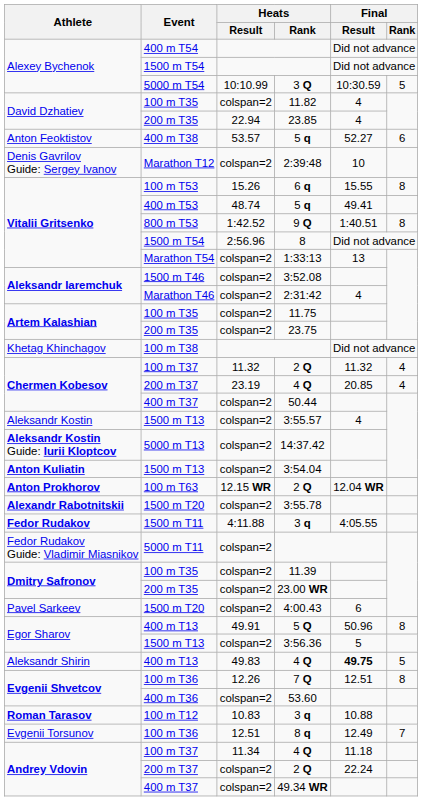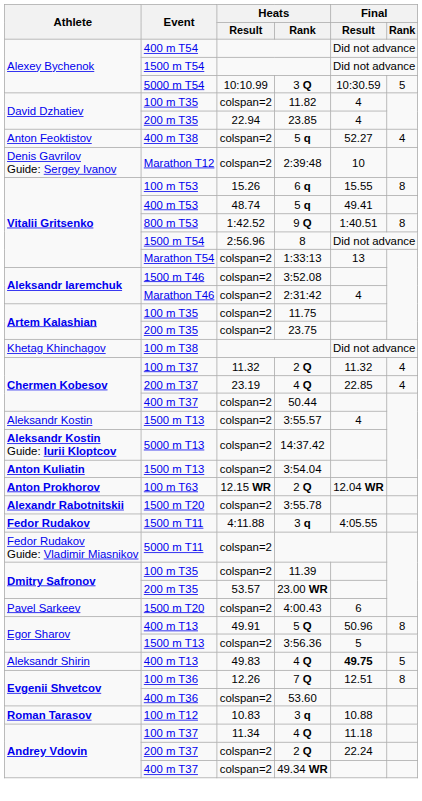 <table class=wikitable style=font-size:90%;text-align:center>
 <tr>
 <th rowspan=2>Athlete</th>
 <th rowspan=2>Event</th>
 <th colspan=2>Heats</th>
 <th colspan=2>Final</th>
 </tr>
 <tr style=font-size:95%>
 <th>Result</th>
 <th>Rank</th>
 <th>Result</th>
 <th>Rank</th>
 </tr>
 <tr>
 <td rowspan=3 align=left><a href='#'>Alexey Bychenok</a></td>
 <td align=left><a href='#'>400 m T54</a></td>
 <td colspan=2></td>
 <td colspan=2>Did not advance</td>
 </tr>
 <tr>
 <td align=left><a href='#'>1500 m T54</a></td>
 <td colspan=2></td>
 <td colspan=2>Did not advance</td>
 </tr>
 <tr>
 <td align=left><a href='#'>5000 m T54</a></td>
 <td>10:10.99</td>
 <td>3 <strong>Q</strong></td>
 <td>10:30.59</td>
 <td>5</td>
 </tr>
 <tr>
 <td rowspan=2 align=left><a href='#'>David Dzhatiev</a></td>
 <td align=left><a href='#'>100 m T35</a></td>
 <td>colspan=2 </td>
 <td>11.82</td>
 <td>4</td>
 </tr>
 <tr>
 <td align=left><a href='#'>200 m T35</a></td>
 <td>22.94</td>
 <td>23.85</td>
 <td>4</td>
 </tr>
 <tr>
 <td align=left><a href='#'>Anton Feoktistov</a></td>
 <td align=left><a href='#'>400 m T38</a></td>
-<td>53.57</td>
+<td>colspan=2 </td>
 <td>5 <strong>q</strong></td>
 <td>52.27</td>
-<td>6</td>
+<td>4</td>
 </tr>
 <tr>
 <td align=left><a href='#'>Denis Gavrilov</a><br>Guide: <a href='#'>Sergey Ivanov</a></td>
 <td><a href='#'>Marathon T12</a></td>
 <td>colspan=2 </td>
 <td>2:39:48</td>
 <td>10</td>
 </tr>
 <tr>
 <td rowspan=5 align=left><strong><a href='#'>Vitalii Gritsenko</a></strong></td>
 <td align=left><a href='#'>100 m T53</a></td>
 <td>15.26</td>
 <td>6 <strong>q</strong></td>
 <td>15.55</td>
 <td>8</td>
 </tr>
 <tr>
 <td align=left><a href='#'>400 m T53</a></td>
 <td>48.74</td>
 <td>5 <strong>q</strong></td>
 <td>49.41</td>
 <td></td>
 </tr>
 <tr>
 <td align=left><a href='#'>800 m T53</a></td>
 <td>1:42.52</td>
 <td>9 <strong>Q</strong></td>
 <td>1:40.51</td>
 <td>8</td>
 </tr>
 <tr>
 <td align=left><a href='#'>1500 m T54</a></td>
 <td>2:56.96</td>
 <td>8</td>
 <td colspan=2>Did not advance</td>
 </tr>
 <tr>
 <td align=left><a href='#'>Marathon T54</a></td>
 <td>colspan=2 </td>
 <td>1:33:13</td>
 <td>13</td>
 </tr>
 <tr>
 <td rowspan=2 align=left><strong><a href='#'>Aleksandr Iaremchuk</a></strong></td>
 <td align=left><a href='#'>1500 m T46</a></td>
 <td>colspan=2 </td>
 <td>3:52.08</td>
 <td></td>
 </tr>
 <tr>
 <td align=left><a href='#'>Marathon T46</a></td>
 <td>colspan=2 </td>
 <td>2:31:42</td>
 <td>4</td>
 </tr>
 <tr>
 <td rowspan=2 align=left><strong><a href='#'>Artem Kalashian</a></strong></td>
 <td align=left><a href='#'>100 m T35</a></td>
 <td>colspan=2 </td>
 <td>11.75</td>
 <td></td>
 </tr>
 <tr>
 <td align=left><a href='#'>200 m T35</a></td>
 <td>colspan=2 </td>
 <td>23.75</td>
 <td></td>
 </tr>
 <tr>
 <td align=left><a href='#'>Khetag Khinchagov</a></td>
 <td align=left><a href='#'>100 m T38</a></td>
 <td colspan=2></td>
 <td colspan=2>Did not advance</td>
 </tr>
 <tr>
 <td rowspan=3 align=left><strong><a href='#'>Chermen Kobesov</a></strong></td>
 <td align=left><a href='#'>100 m T37</a></td>
 <td>11.32</td>
 <td>2 <strong>Q</strong></td>
 <td>11.32</td>
 <td>4</td>
 </tr>
 <tr>
 <td align=left><a href='#'>200 m T37</a></td>
 <td>23.19</td>
 <td>4 <strong>Q</strong></td>
-<td>20.85</td>
+<td>22.85</td>
 <td>4</td>
 </tr>
 <tr>
 <td align=left><a href='#'>400 m T37</a></td>
 <td>colspan=2 </td>
 <td>50.44</td>
 <td></td>
 </tr>
 <tr>
 <td align=left><a href='#'>Aleksandr Kostin</a></td>
 <td align=left><a href='#'>1500 m T13</a></td>
 <td>colspan=2 </td>
 <td>3:55.57</td>
 <td>4</td>
 </tr>
 <tr>
 <td align=left><strong><a href='#'>Aleksandr Kostin</a></strong><br>Guide: <strong><a href='#'>Iurii Kloptcov</a></strong></td>
 <td align=left><a href='#'>5000 m T13</a></td>
 <td>colspan=2 </td>
 <td>14:37.42</td>
 <td></td>
 </tr>
 <tr>
 <td align=left><strong><a href='#'>Anton Kuliatin</a></strong></td>
 <td align=left><a href='#'>1500 m T13</a></td>
 <td>colspan=2 </td>
 <td>3:54.04</td>
 <td></td>
 </tr>
 <tr>
 <td align=left><strong><a href='#'>Anton Prokhorov</a></strong></td>
 <td align=left><a href='#'>100 m T63</a></td>
 <td>12.15 <strong>WR</strong></td>
 <td>2 <strong>Q</strong></td>
 <td>12.04 <strong>WR</strong></td>
 <td></td>
 </tr>
 <tr>
 <td align=left><strong><a href='#'>Alexandr Rabotnitskii</a></strong></td>
 <td align=left><a href='#'>1500 m T20</a></td>
 <td>colspan=2 </td>
 <td>3:55.78</td>
 <td></td>
 </tr>
 <tr>
 <td align=left><strong><a href='#'>Fedor Rudakov</a></strong></td>
 <td align=left><a href='#'>1500 m T11</a></td>
 <td>4:11.88</td>
 <td>3 <strong>q</strong></td>
 <td>4:05.55</td>
 <td></td>
 </tr>
 <tr>
 <td align=left><a href='#'>Fedor Rudakov</a><br>Guide: <a href='#'>Vladimir Miasnikov</a></td>
 <td align=left><a href='#'>5000 m T11</a></td>
 <td>colspan=2 </td>
 <td colspan=2></td>
 </tr>
 <tr>
 <td rowspan=2 align=left><strong><a href='#'>Dmitry Safronov</a></strong></td>
 <td align=left><a href='#'>100 m T35</a></td>
 <td>colspan=2 </td>
 <td>11.39</td>
 <td></td>
 </tr>
 <tr>
 <td align=left><a href='#'>200 m T35</a></td>
-<td>colspan=2 </td>
+<td>53.57</td>
 <td>23.00 <strong>WR</strong></td>
 <td></td>
 </tr>
 <tr>
 <td align=left><a href='#'>Pavel Sarkeev</a></td>
 <td align=left><a href='#'>1500 m T20</a></td>
 <td>colspan=2 </td>
 <td>4:00.43</td>
 <td>6</td>
 </tr>
 <tr>
 <td rowspan=2 align=left><a href='#'>Egor Sharov</a></td>
 <td align=left><a href='#'>400 m T13</a></td>
 <td>49.91</td>
 <td>5 <strong>Q</strong></td>
 <td>50.96</td>
 <td>8</td>
 </tr>
 <tr>
 <td align=left><a href='#'>1500 m T13</a></td>
 <td>colspan=2 </td>
 <td>3:56.36</td>
 <td>5</td>
 </tr>
 <tr>
 <td align=left><a href='#'>Aleksandr Shirin</a></td>
 <td align=left><a href='#'>400 m T13</a></td>
 <td>49.83</td>
 <td>4 <strong>Q</strong></td>
 <td><strong>49.75</strong></td>
 <td>5</td>
 </tr>
 <tr>
 <td rowspan=2 align=left><strong><a href='#'>Evgenii Shvetcov</a></strong></td>
 <td align=left><a href='#'>100 m T36</a></td>
 <td>12.26</td>
 <td>7 <strong>Q</strong></td>
 <td>12.51</td>
 <td>8</td>
 </tr>
 <tr>
 <td align=left><a href='#'>400 m T36</a></td>
 <td>colspan=2 </td>
 <td>53.60</td>
 <td></td>
 </tr>
 <tr>
 <td align=left><strong><a href='#'>Roman Tarasov</a></strong></td>
 <td align=left><a href='#'>100 m T12</a></td>
 <td>10.83</td>
 <td>3 <strong>q</strong></td>
 <td>10.88</td>
 <td></td>
 </tr>
 <tr>
-<td align=left><a href='#'>Evgenii Torsunov</a></td>
-<td align=left><a href='#'>100 m T36</a></td>
-<td>12.51</td>
-<td>8 <strong>q</strong></td>
-<td>12.49</td>
-<td>7</td>
-</tr>
-<tr>
 <td rowspan=3 align=left><strong><a href='#'>Andrey Vdovin</a></strong></td>
 <td align=left><a href='#'>100 m T37</a></td>
 <td>11.34</td>
 <td>4 <strong>Q</strong></td>
 <td>11.18</td>
 <td></td>
 </tr>
 <tr>
 <td align=left><a href='#'>200 m T37</a></td>
 <td>colspan=2 </td>
 <td>2 <strong>Q</strong></td>
 <td>22.24</td>
 <td></td>
 </tr>
 <tr>
 <td align=left><a href='#'>400 m T37</a></td>
 <td>colspan=2 </td>
 <td>49.34 <strong>WR</strong></td>
 <td></td>
 </tr>
 </table>
